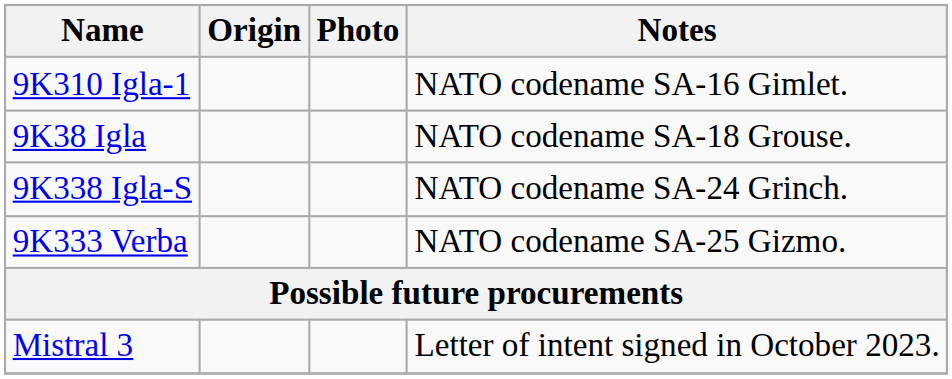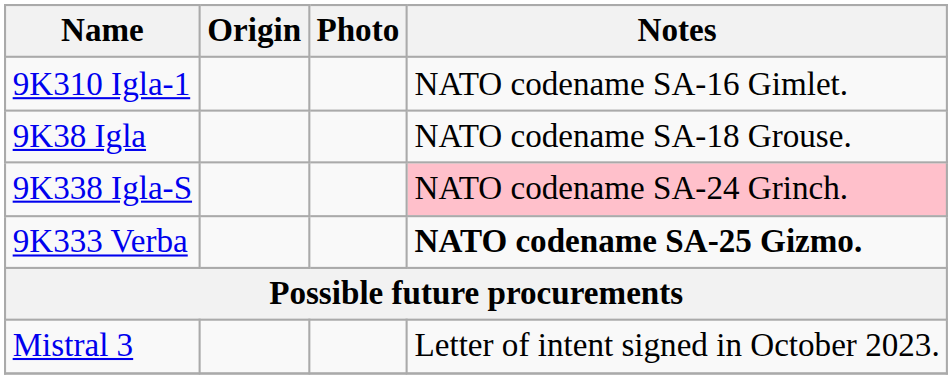 <table class="wikitable">
 <tr>
 <th style="text-align: width:13%;">Name</th>
 <th style="text-align: width:13%;">Origin</th>
 <th style="text-align: width:9%; ">Photo</th>
 <th style="text-align: width:48%;">Notes</th>
 </tr>
 <tr>
 <td><a href='#'>9K310 Igla-1</a></td>
 <td></td>
 <td></td>
 <td>NATO codename SA-16 Gimlet.</td>
 </tr>
 <tr>
 <td><a href='#'>9K38 Igla</a></td>
 <td></td>
 <td></td>
 <td>NATO codename SA-18 Grouse.</td>
 </tr>
 <tr>
 <td><a href='#'>9K338 Igla-S</a></td>
 <td></td>
 <td></td>
-<td>NATO codename SA-24 Grinch.</td>
+<td style="background: pink;">NATO codename SA-24 Grinch.</td>
 </tr>
 <tr>
 <td><a href='#'>9K333 Verba</a></td>
 <td></td>
 <td></td>
-<td>NATO codename SA-25 Gizmo.</td>
+<td><strong>NATO codename SA-25 Gizmo.</strong></td>
 </tr>
 <tr>
 <th colspan="6"><strong>Possible future procurements</strong></th>
 </tr>
 <tr>
 <td><a href='#'>Mistral 3</a></td>
 <td></td>
 <td></td>
 <td>Letter of intent signed in October 2023.</td>
 </tr>
 <tr>
 </tr>
 </table>
